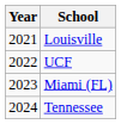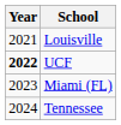 <table class="wikitable">
 <tr>
 <th>Year</th>
 <th>School</th>
 </tr>
 <tr>
 <td>2021</td>
 <td><a href='#'>Louisville</a></td>
 </tr>
 <tr>
-<td>2022</td>
+<td><strong>2022</strong></td>
 <td><a href='#'>UCF</a></td>
 </tr>
 <tr>
 <td>2023</td>
 <td><a href='#'>Miami (FL)</a></td>
 </tr>
 <tr>
 <td>2024</td>
 <td><a href='#'>Tennessee</a></td>
 </tr>
 </table>
